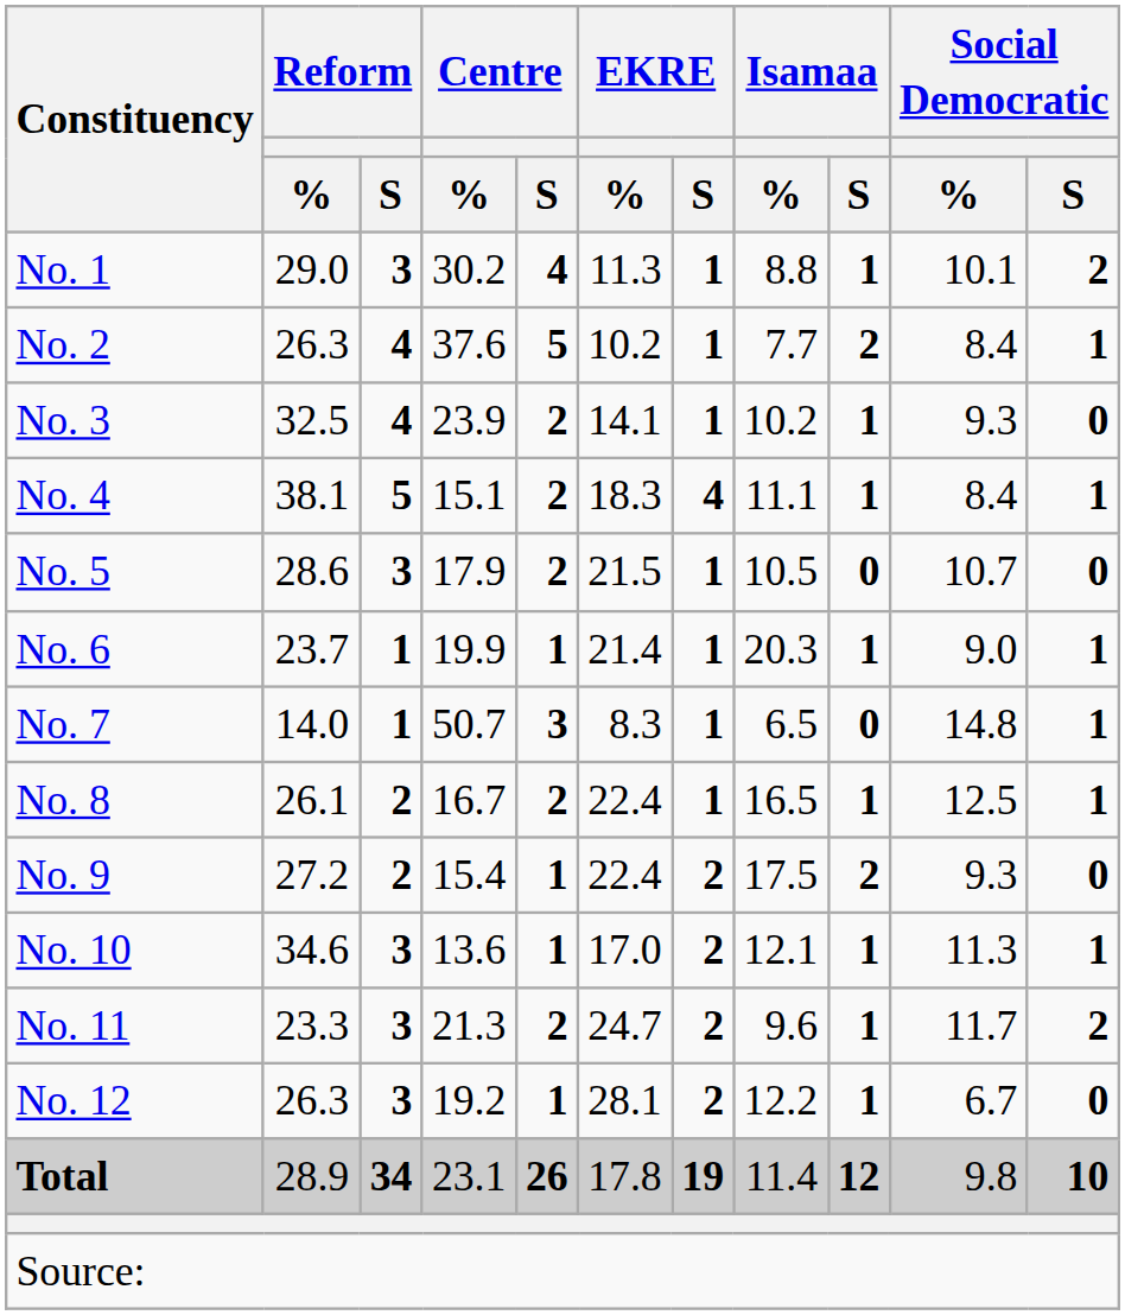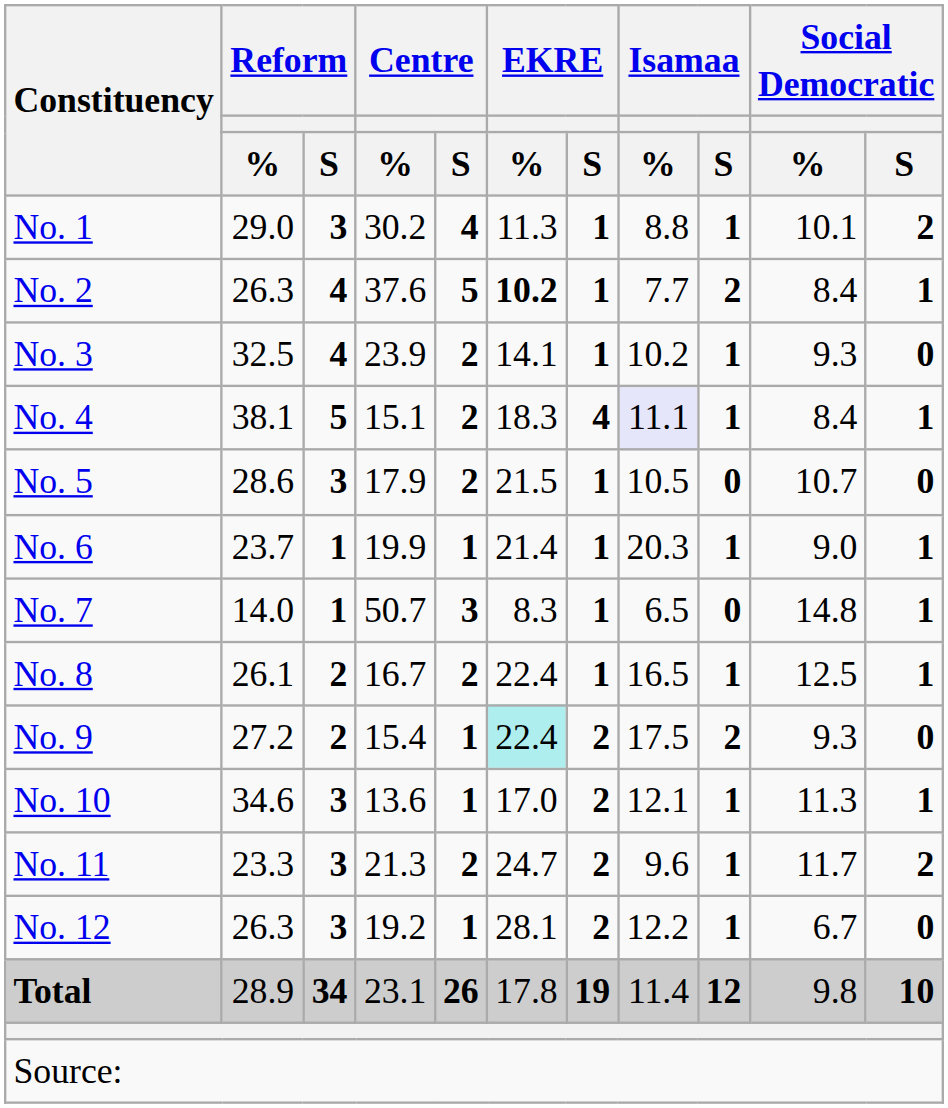 <table class="wikitable sortable" style="text-align:right; font-size:95%; line-height:20px;">
 <tr>
 <th rowspan="3">Constituency</th>
 <th colspan="2" width="30px" class="unsortable"><a href='#'>Reform</a></th>
 <th colspan="2" width="30px" class="unsortable"><a href='#'>Centre</a></th>
 <th colspan="2" width="30px" class="unsortable"><a href='#'>EKRE</a></th>
 <th colspan="2" width="30px" class="unsortable"><a href='#'>Isamaa</a></th>
 <th colspan="2" width="30px" class="unsortable"><a href='#'>Social Democratic</a></th>
 </tr>
 <tr>
 <th colspan="2" style="background:"></th>
 <th colspan="2" style="background:"></th>
 <th colspan="2" style="background:"></th>
 <th colspan="2" style="background:"></th>
 <th colspan="2" style="background:"></th>
 </tr>
 <tr>
 <th data-sort-type="number">%</th>
 <th data-sort-type="number">S</th>
 <th data-sort-type="number">%</th>
 <th data-sort-type="number">S</th>
 <th data-sort-type="number">%</th>
 <th data-sort-type="number">S</th>
 <th data-sort-type="number">%</th>
 <th data-sort-type="number">S</th>
 <th data-sort-type="number">%</th>
 <th data-sort-type="number">S</th>
 </tr>
 <tr>
 <td align="left"><a href='#'>No. 1</a></td>
 <td>29.0</td>
 <td><strong>3</strong></td>
 <td style="background:">30.2</td>
 <td><strong>4</strong></td>
 <td>11.3</td>
 <td><strong>1</strong></td>
 <td>8.8</td>
 <td><strong>1</strong></td>
 <td>10.1</td>
 <td><strong>2</strong></td>
 </tr>
 <tr>
 <td align="left"><a href='#'>No. 2</a></td>
 <td>26.3</td>
 <td><strong>4</strong></td>
 <td style="background:">37.6</td>
 <td><strong>5</strong></td>
-<td>10.2</td>
+<td><strong>10.2</strong></td>
 <td><strong>1</strong></td>
 <td>7.7</td>
 <td><strong>2</strong></td>
 <td>8.4</td>
 <td><strong>1</strong></td>
 </tr>
 <tr>
 <td align="left"><a href='#'>No. 3</a></td>
 <td style="background:">32.5</td>
 <td><strong>4</strong></td>
 <td>23.9</td>
 <td><strong>2</strong></td>
 <td>14.1</td>
 <td><strong>1</strong></td>
 <td>10.2</td>
 <td><strong>1</strong></td>
 <td>9.3</td>
 <td><strong>0</strong></td>
 </tr>
 <tr>
 <td align="left"><a href='#'>No. 4</a></td>
 <td style="background:">38.1</td>
 <td><strong>5</strong></td>
 <td>15.1</td>
 <td><strong>2</strong></td>
 <td>18.3</td>
 <td><strong>4</strong></td>
-<td>11.1</td>
+<td style="background: lavender;">11.1</td>
 <td><strong>1</strong></td>
 <td>8.4</td>
 <td><strong>1</strong></td>
 </tr>
 <tr>
 <td align="left"><a href='#'>No. 5</a></td>
 <td style="background:">28.6</td>
 <td><strong>3</strong></td>
 <td>17.9</td>
 <td><strong>2</strong></td>
 <td>21.5</td>
 <td><strong>1</strong></td>
 <td>10.5</td>
 <td><strong>0</strong></td>
 <td>10.7</td>
 <td><strong>0</strong></td>
 </tr>
 <tr>
 <td align="left"><a href='#'>No. 6</a></td>
 <td style="background:">23.7</td>
 <td><strong>1</strong></td>
 <td>19.9</td>
 <td><strong>1</strong></td>
 <td>21.4</td>
 <td><strong>1</strong></td>
 <td>20.3</td>
 <td><strong>1</strong></td>
 <td>9.0</td>
 <td><strong>1</strong></td>
 </tr>
 <tr>
 <td align="left"><a href='#'>No. 7</a></td>
 <td>14.0</td>
 <td><strong>1</strong></td>
 <td style="background:">50.7</td>
 <td><strong>3</strong></td>
 <td>8.3</td>
 <td><strong>1</strong></td>
 <td>6.5</td>
 <td><strong>0</strong></td>
 <td>14.8</td>
 <td><strong>1</strong></td>
 </tr>
 <tr>
 <td align="left"><a href='#'>No. 8</a></td>
 <td style="background:">26.1</td>
 <td><strong>2</strong></td>
 <td>16.7</td>
 <td><strong>2</strong></td>
 <td>22.4</td>
 <td><strong>1</strong></td>
 <td>16.5</td>
 <td><strong>1</strong></td>
 <td>12.5</td>
 <td><strong>1</strong></td>
 </tr>
 <tr>
 <td align="left"><a href='#'>No. 9</a></td>
 <td style="background:">27.2</td>
 <td><strong>2</strong></td>
 <td>15.4</td>
 <td><strong>1</strong></td>
-<td>22.4</td>
+<td style="background: paleturquoise;">22.4</td>
 <td><strong>2</strong></td>
 <td>17.5</td>
 <td><strong>2</strong></td>
 <td>9.3</td>
 <td><strong>0</strong></td>
 </tr>
 <tr>
 <td align="left"><a href='#'>No. 10</a></td>
 <td style="background:">34.6</td>
 <td><strong>3</strong></td>
 <td>13.6</td>
 <td><strong>1</strong></td>
 <td>17.0</td>
 <td><strong>2</strong></td>
 <td>12.1</td>
 <td><strong>1</strong></td>
 <td>11.3</td>
 <td><strong>1</strong></td>
 </tr>
 <tr>
 <td align="left"><a href='#'>No. 11</a></td>
 <td>23.3</td>
 <td><strong>3</strong></td>
 <td>21.3</td>
 <td><strong>2</strong></td>
 <td style="background:">24.7</td>
 <td><strong>2</strong></td>
 <td>9.6</td>
 <td><strong>1</strong></td>
 <td>11.7</td>
 <td><strong>2</strong></td>
 </tr>
 <tr>
 <td align="left"><a href='#'>No. 12</a></td>
 <td>26.3</td>
 <td><strong>3</strong></td>
 <td>19.2</td>
 <td><strong>1</strong></td>
 <td style="background:">28.1</td>
 <td><strong>2</strong></td>
 <td>12.2</td>
 <td><strong>1</strong></td>
 <td>6.7</td>
 <td><strong>0</strong></td>
 </tr>
 <tr style="background:#CDCDCD;">
 <td align="left"><strong>Total</strong></td>
 <td style="background:">28.9</td>
 <td><strong>34</strong></td>
 <td>23.1</td>
 <td><strong>26</strong></td>
 <td>17.8</td>
 <td><strong>19</strong></td>
 <td>11.4</td>
 <td><strong>12</strong></td>
 <td>9.8</td>
 <td><strong>10</strong></td>
 </tr>
 <tr>
 <th colspan="13"></th>
 </tr>
 <tr>
 <th colspan="13" style="text-align:left; font-weight:normal; background:#F9F9F9">Source: </th>
 </tr>
 </table>
